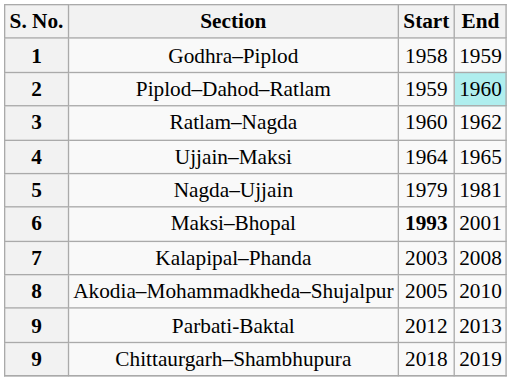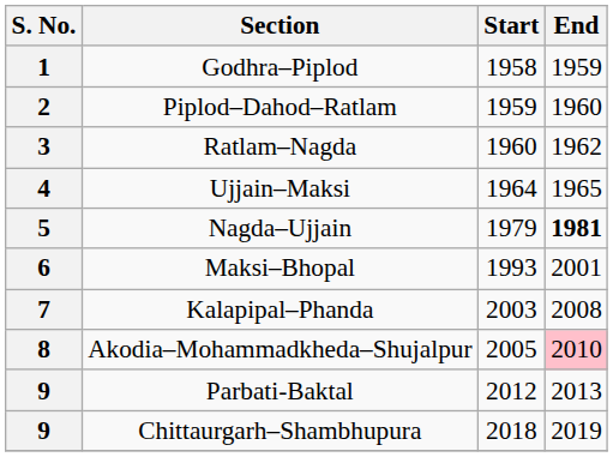 <table class="sortable plainrowheaders wikitable">
 <tr>
 <th scope="col">S. No.</th>
 <th scope="col">Section</th>
 <th scope="col">Start</th>
 <th scope="col">End</th>
 </tr>
 <tr>
 <th scope="row" style=text-align:center>1</th>
 <td align=center>Godhra–Piplod</td>
 <td align=center>1958</td>
 <td align=center>1959</td>
 </tr>
 <tr>
 <th scope="row" style=text-align:center>2</th>
 <td align=center>Piplod–Dahod–Ratlam</td>
 <td align=center>1959</td>
-<td align=center style="background: paleturquoise;">1960</td>
+<td align=center>1960</td>
 </tr>
 <tr>
 <th scope="row" style=text-align:center>3</th>
 <td align=center>Ratlam–Nagda</td>
 <td align=center>1960</td>
 <td align=center>1962</td>
 </tr>
 <tr>
 <th scope="row" style=text-align:center>4</th>
 <td align=center>Ujjain–Maksi</td>
 <td align=center>1964</td>
 <td align=center>1965</td>
 </tr>
 <tr>
 <th scope="row" style=text-align:center>5</th>
 <td align=center>Nagda–Ujjain</td>
 <td align=center>1979</td>
-<td align=center>1981</td>
+<td align=center><strong>1981</strong></td>
 </tr>
 <tr>
 <th scope="row" style=text-align:center>6</th>
 <td align=center>Maksi–Bhopal</td>
-<td align=center><strong>1993</strong></td>
+<td align=center>1993</td>
 <td align=center>2001</td>
 </tr>
 <tr>
 <th scope="row" style=text-align:center>7</th>
 <td align=center>Kalapipal–Phanda</td>
 <td align=center>2003</td>
 <td align=center>2008</td>
 </tr>
 <tr>
 <th scope="row" style=text-align:center>8</th>
 <td align=center>Akodia–Mohammadkheda–Shujalpur</td>
 <td align=center>2005</td>
-<td align=center>2010</td>
+<td align=center style="background: pink;">2010</td>
 </tr>
 <tr>
 <th scope="row" style=text-align:center>9</th>
 <td align=center>Parbati-Baktal</td>
 <td align=center>2012</td>
 <td align=center>2013</td>
 </tr>
 <tr>
 <th scope="row" style=text-align:center>9</th>
 <td align=center>Chittaurgarh–Shambhupura</td>
 <td align=center>2018</td>
 <td align=center>2019</td>
 </tr>
 <tr>
 </tr>
 </table>
